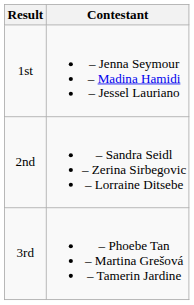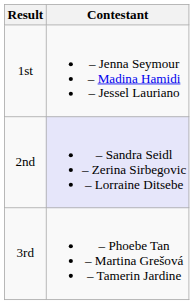 <table class="wikitable" style="text-align:center;">
 <tr>
 <th>Result</th>
 <th>Contestant</th>
 </tr>
 <tr>
 <td>1st</td>
 <td><br><ul><li> – Jenna Seymour</li><li> – <a href='#'>Madina Hamidi</a></li><li> – Jessel Lauriano</li></ul></td>
 </tr>
 <tr>
 <td>2nd</td>
-<td><br><ul><li> – Sandra Seidl</li><li> – Zerina Sirbegovic</li><li> – Lorraine Ditsebe</li></ul></td>
+<td style="background: lavender;"><br><ul><li> – Sandra Seidl</li><li> – Zerina Sirbegovic</li><li> – Lorraine Ditsebe</li></ul></td>
 </tr>
 <tr>
 <td>3rd</td>
 <td><br><ul><li> – Phoebe Tan</li><li> – Martina Grešová</li><li> – Tamerin Jardine</li></ul></td>
 </tr>
 </table>
